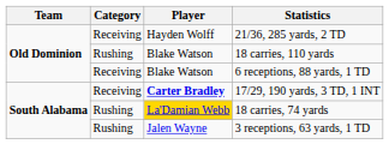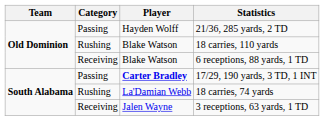 <table class="wikitable" style="float: right;">
 <tr>
 <th>Team</th>
 <th>Category</th>
 <th>Player</th>
 <th>Statistics</th>
 </tr>
 <tr>
 <td rowspan=3><strong>Old Dominion</strong></td>
-<td>Receiving</td>
+<td>Passing</td>
 <td>Hayden Wolff</td>
 <td>21/36, 285 yards, 2 TD</td>
 </tr>
 <tr>
 <td>Rushing</td>
 <td>Blake Watson</td>
 <td>18 carries, 110 yards</td>
 </tr>
 <tr>
 <td>Receiving</td>
 <td>Blake Watson</td>
 <td>6 receptions, 88 yards, 1 TD</td>
 </tr>
 <tr>
 <td rowspan=3><strong>South Alabama</strong></td>
-<td>Receiving</td>
+<td>Passing</td>
 <td><strong><a href='#'>Carter Bradley</a></strong></td>
 <td>17/29, 190 yards, 3 TD, 1 INT</td>
 </tr>
 <tr>
 <td>Rushing</td>
-<td style="background: gold;"><a href='#'>La'Damian Webb</a></td>
+<td><a href='#'>La'Damian Webb</a></td>
 <td>18 carries, 74 yards</td>
 </tr>
 <tr>
-<td>Rushing</td>
+<td>Receiving</td>
 <td><a href='#'>Jalen Wayne</a></td>
 <td>3 receptions, 63 yards, 1 TD</td>
 </tr>
 </table>
